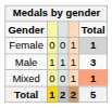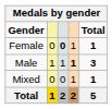 <table class=wikitable style="font-size:85%; float:right;text-align:center">
 <tr bgcolor=EFEFEF>
 <th colspan=6><strong>Medals by gender</strong></th>
 </tr>
 <tr>
 <td><strong>Gender</strong></td>
 <td bgcolor=F7F6A8></td>
 <td bgcolor=DCE5E5></td>
 <td bgcolor=FFDAB9></td>
 <td><strong>Total</strong></td>
 </tr>
 <tr>
 <td>Female</td>
 <td bgcolor=F7F6A8>0</td>
-<td bgcolor=DCE5E5>0</td>
+<td bgcolor=DCE5E5><strong>0</strong></td>
 <td bgcolor=FFDAB9>1</td>
-<td style="background: lightgrey;"><strong>1</strong></td>
+<td><strong>1</strong></td>
 </tr>
 <tr>
 <td>Male</td>
 <td bgcolor=F7F6A8>1</td>
 <td bgcolor=DCE5E5>1</td>
-<td bgcolor=FFDAB9>1</td>
+<td bgcolor=FFDAB9><strong>1</strong></td>
 <td><strong>3</strong></td>
 </tr>
 <tr>
 <td>Mixed</td>
 <td bgcolor=F7F6A8>0</td>
 <td bgcolor=DCE5E5>0</td>
 <td bgcolor=FFDAB9>1</td>
-<td style="background: lightsalmon;"><strong>1</strong></td>
+<td><strong>1</strong></td>
 </tr>
 <tr>
 <th><strong>Total</strong></th>
 <th style=background:gold><strong>1</strong></th>
 <th style=background:silver><strong>2</strong></th>
 <th style=background:#C96><strong>2</strong></th>
 <th><strong>5</strong></th>
 </tr>
 </table>
